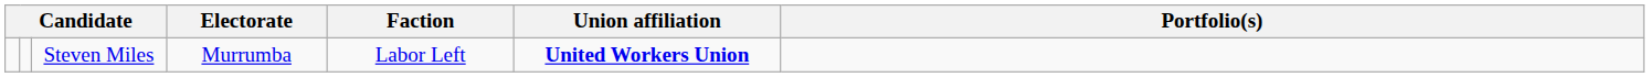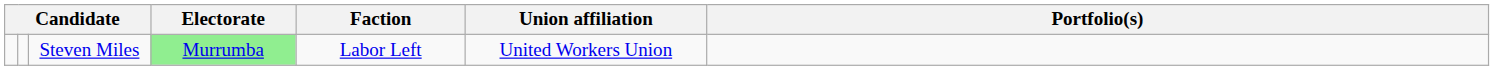 <table class="wikitable" style="text-align:center">
 <tr>
 <th width=125px; colspan=3>Candidate</th>
 <th width=115px>Electorate</th>
 <th width=135px>Faction</th>
 <th width=195px>Union affiliation</th>
 <th width=650px>Portfolio(s)</th>
 </tr>
 <tr>
 <td width="3pt" > </td>
 <td></td>
 <td><a href='#'>Steven Miles</a></td>
-<td><a href='#'>Murrumba</a></td>
+<td style="background: lightgreen;"><a href='#'>Murrumba</a></td>
 <td><a href='#'>Labor Left</a></td>
-<td><strong><a href='#'>United Workers Union</a></strong></td>
+<td><a href='#'>United Workers Union</a></td>
 <td align=left></td>
 </tr>
 </table>
